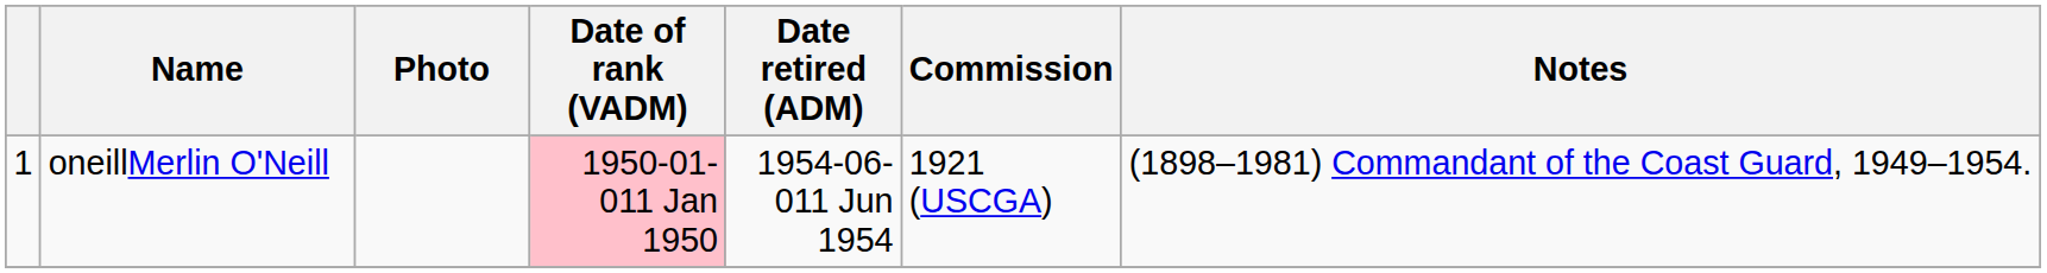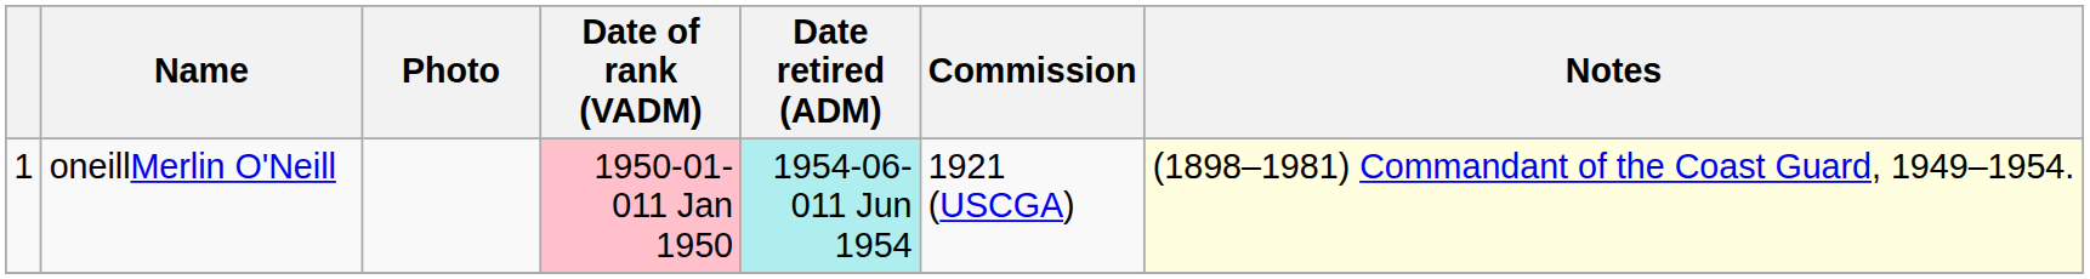 <table class="wikitable sortable">
 <tr>
 <th class="unsortable"></th>
 <th width = 140>Name</th>
 <th width=75 class="unsortable">Photo</th>
 <th width = 85>Date of rank (VADM)</th>
 <th width = 75>Date retired (ADM)</th>
 <th width = 90>Commission</th>
 <th class="unsortable">Notes</th>
 </tr>
 <tr valign=top>
 <td>1</td>
 <td><span>oneill</span><a href='#'>Merlin O'Neill</a></td>
 <td></td>
 <td align="right" style="background: pink;"><span>1950-01-01</span>1 Jan 1950</td>
-<td align="right"><span>1954-06-01</span>1 Jun 1954</td>
+<td align="right" style="background: paleturquoise;"><span>1954-06-01</span>1 Jun 1954</td>
 <td>1921 (<a href='#'>USCGA</a>)</td>
-<td>(1898–1981) <a href='#'>Commandant of the Coast Guard</a>, 1949–1954.</td>
+<td style="background: lightyellow;">(1898–1981) <a href='#'>Commandant of the Coast Guard</a>, 1949–1954.</td>
 </tr>
 <tr>
 </tr>
 </table>
